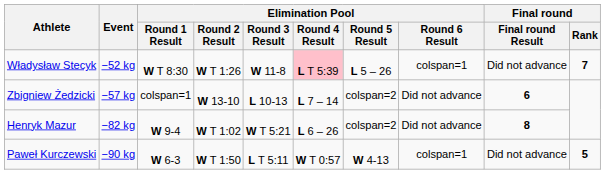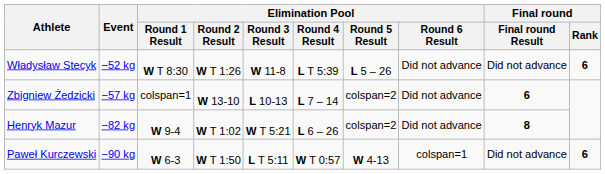 <table class="wikitable" style="font-size:90%">
 <tr>
 <th rowspan="2">Athlete</th>
 <th rowspan="2">Event</th>
 <th colspan=6>Elimination Pool</th>
 <th colspan=2>Final round</th>
 </tr>
 <tr style="font-size: 95%">
 <th>Round 1<br>Result</th>
 <th>Round 2<br>Result</th>
 <th>Round 3<br>Result</th>
 <th>Round 4<br>Result</th>
 <th>Round 5<br>Result</th>
 <th>Round 6<br>Result</th>
 <th>Final round<br>Result</th>
 <th>Rank</th>
 </tr>
 <tr align=center>
 <td align=left><a href='#'>Władysław Stecyk</a></td>
 <td align=left><a href='#'>−52 kg</a></td>
 <td><br><strong>W</strong> T 8:30</td>
 <td><br><strong>W</strong> T 1:26</td>
 <td><br><strong>W</strong> 11-8</td>
-<td style="background: pink;"><br><strong>L</strong> T  5:39</td>
+<td><br><strong>L</strong> T  5:39</td>
 <td><br><strong>L</strong> 5 – 26</td>
-<td>colspan=1 </td>
 <td>Did not advance</td>
-<td><strong>7</strong></td>
+<td>Did not advance</td>
+<td><strong>6</strong></td>
 </tr>
 <tr align=center>
 <td align=left><a href='#'>Zbigniew Żedzicki</a></td>
 <td align=left><a href='#'>−57 kg</a></td>
 <td>colspan=1 </td>
 <td><br><strong>W</strong> 13-10</td>
 <td><br><strong>L</strong> 10-13</td>
 <td><br><strong>L</strong> 7 – 14</td>
 <td>colspan=2 </td>
 <td>Did not advance</td>
 <td><strong>6</strong></td>
 </tr>
 <tr align=center>
 <td align=left><a href='#'>Henryk Mazur</a></td>
 <td align=left><a href='#'>−82 kg</a></td>
 <td><br><strong>W</strong> 9-4</td>
 <td><br><strong>W</strong> T 1:02</td>
 <td><br><strong>W</strong>  T 5:21</td>
 <td><br><strong>L</strong> 6 – 26</td>
 <td>colspan=2 </td>
 <td>Did not advance</td>
 <td><strong>8</strong></td>
 </tr>
 <tr align=center>
 <td align=left><a href='#'>Paweł Kurczewski</a></td>
 <td align=left><a href='#'>−90 kg</a></td>
 <td><br><strong>W</strong> 6-3</td>
 <td><br><strong>W</strong> T 1:50</td>
 <td><br><strong>L</strong>  T  5:11</td>
 <td><br><strong>W</strong> T 0:57</td>
 <td><br><strong>W</strong> 4-13</td>
 <td>colspan=1 </td>
 <td>Did not advance</td>
-<td><strong>5</strong></td>
+<td><strong>6</strong></td>
 </tr>
 </table>
